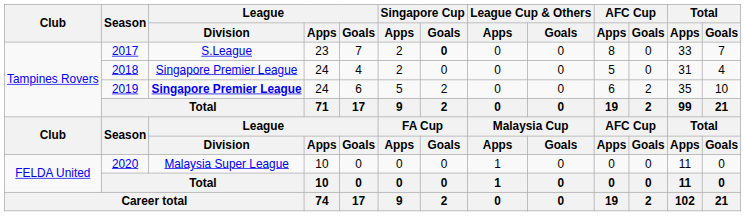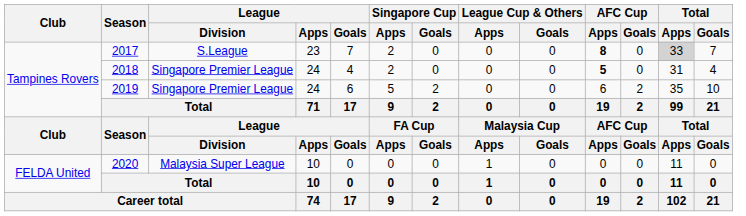 <table class="wikitable" style="text-align: center">
 <tr>
 <th rowspan="2">Club</th>
 <th rowspan="2">Season</th>
 <th colspan="3">League</th>
 <th colspan="2">Singapore Cup</th>
 <th colspan="2">League Cup & Others</th>
 <th colspan="2">AFC Cup</th>
 <th colspan="2">Total</th>
 </tr>
 <tr>
 <th>Division</th>
 <th>Apps</th>
 <th>Goals</th>
 <th>Apps</th>
 <th>Goals</th>
 <th>Apps</th>
 <th>Goals</th>
 <th>Apps</th>
 <th>Goals</th>
 <th>Apps</th>
 <th>Goals</th>
 </tr>
 <tr>
 <td rowspan="4"><a href='#'>Tampines Rovers</a></td>
 <td><a href='#'>2017</a></td>
 <td><a href='#'>S.League</a></td>
 <td>23</td>
 <td>7</td>
 <td>2</td>
-<td><strong>0</strong></td>
 <td>0</td>
 <td>0</td>
-<td>8</td>
 <td>0</td>
-<td>33</td>
+<td><strong>8</strong></td>
+<td>0</td>
+<td style="background: lightgrey;">33</td>
 <td>7</td>
 </tr>
 <tr>
 <td><a href='#'>2018</a></td>
 <td><a href='#'>Singapore Premier League</a></td>
 <td>24</td>
 <td>4</td>
 <td>2</td>
 <td>0</td>
 <td>0</td>
 <td>0</td>
-<td>5</td>
+<td><strong>5</strong></td>
 <td>0</td>
 <td>31</td>
 <td>4</td>
 </tr>
 <tr>
 <td><a href='#'>2019</a></td>
-<td><strong><a href='#'>Singapore Premier League</a></strong></td>
+<td><a href='#'>Singapore Premier League</a></td>
 <td>24</td>
 <td>6</td>
 <td>5</td>
 <td>2</td>
 <td>0</td>
 <td>0</td>
 <td>6</td>
 <td>2</td>
 <td>35</td>
 <td>10</td>
 </tr>
 <tr>
 <th colspan=2>Total</th>
 <th>71</th>
 <th>17</th>
 <th>9</th>
 <th>2</th>
 <th>0</th>
 <th>0</th>
 <th>19</th>
 <th>2</th>
 <th>99</th>
 <th>21</th>
 </tr>
 <tr>
 <th rowspan="2">Club</th>
 <th rowspan="2">Season</th>
 <th colspan="3">League</th>
 <th colspan="2">FA Cup</th>
 <th colspan="2">Malaysia Cup</th>
 <th colspan="2">AFC Cup</th>
 <th colspan="2">Total</th>
 </tr>
 <tr>
 <th>Division</th>
 <th>Apps</th>
 <th>Goals</th>
 <th>Apps</th>
 <th>Goals</th>
 <th>Apps</th>
 <th>Goals</th>
 <th>Apps</th>
 <th>Goals</th>
 <th>Apps</th>
 <th>Goals</th>
 </tr>
 <tr>
 <td rowspan="2"><a href='#'>FELDA United</a></td>
 <td><a href='#'>2020</a></td>
 <td><a href='#'>Malaysia Super League</a></td>
 <td>10</td>
 <td>0</td>
 <td>0</td>
 <td>0</td>
 <td>1</td>
 <td>0</td>
 <td>0</td>
 <td>0</td>
 <td>11</td>
 <td>0</td>
 </tr>
 <tr>
 <th colspan=2>Total</th>
 <th>10</th>
 <th>0</th>
 <th>0</th>
 <th>0</th>
 <th>1</th>
 <th>0</th>
 <th>0</th>
 <th>0</th>
 <th>11</th>
 <th>0</th>
 </tr>
 <tr>
 <th colspan=3>Career total</th>
 <th>74</th>
 <th>17</th>
 <th>9</th>
 <th>2</th>
 <th>0</th>
 <th>0</th>
 <th>19</th>
 <th>2</th>
 <th>102</th>
 <th>21</th>
 </tr>
 </table>
